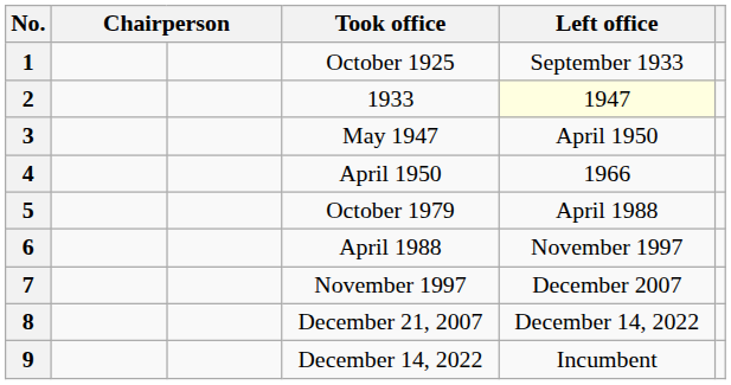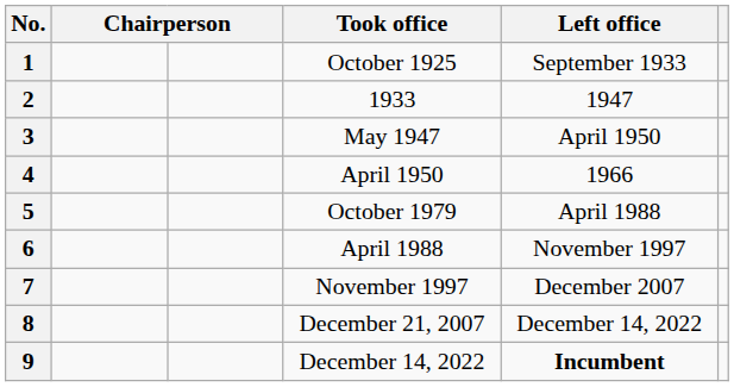 <table class="wikitable" style="text-align: center; border-collapse: collapse;">
 <tr>
 <th>No.</th>
 <th colspan="2" width="150">Chairperson</th>
 <th align="center" width="140">Took office</th>
 <th align="center" width="140">Left office</th>
 <th></th>
 </tr>
 <tr>
 <th><strong>1</strong></th>
 <td align="center"></td>
 <td align="center"><br></td>
 <td align="center">October 1925</td>
 <td align="center">September 1933</td>
 <td></td>
 </tr>
 <tr>
 <th><strong>2</strong></th>
 <td align="center"></td>
 <td align="center"><br></td>
 <td align="center">1933</td>
-<td align="center" style="background: lightyellow;">1947</td>
+<td align="center">1947</td>
 <td></td>
 </tr>
 <tr>
 <th><strong>3</strong></th>
 <td align="center"></td>
 <td align="center"><br></td>
 <td align="center">May 1947</td>
 <td align="center">April 1950</td>
 <td></td>
 </tr>
 <tr>
 <th><strong>4</strong></th>
 <td align="center"></td>
 <td align="center"><br></td>
 <td align="center">April 1950</td>
 <td align="center">1966</td>
 <td></td>
 </tr>
 <tr>
 <th><strong>5</strong></th>
 <td></td>
 <td><br></td>
 <td>October 1979</td>
 <td>April 1988</td>
 <td></td>
 </tr>
 <tr>
 <th><strong>6</strong></th>
 <td align="center"></td>
 <td align="center"><br></td>
 <td align="center">April 1988</td>
 <td align="center">November 1997</td>
 <td></td>
 </tr>
 <tr>
 <th><strong>7</strong></th>
 <td rowspan="1" align="center"></td>
 <td rowspan="1" align="center"><br></td>
 <td align="center">November 1997</td>
 <td align="center">December 2007</td>
 <td></td>
 </tr>
 <tr>
 <th><strong>8</strong></th>
 <td></td>
 <td><br></td>
 <td>December 21, 2007</td>
 <td>December 14, 2022</td>
 <td></td>
 </tr>
 <tr>
 <th><strong>9</strong></th>
 <td rowspan="1" align="center"></td>
 <td rowspan="1" align="center"><br></td>
 <td align="center">December 14, 2022</td>
-<td align="center">Incumbent</td>
+<td align="center"><strong>Incumbent</strong></td>
 <td></td>
 </tr>
 </table>
